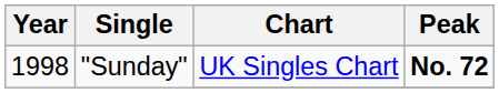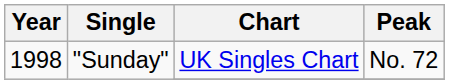 <table class="wikitable">
 <tr>
 <th>Year</th>
 <th>Single</th>
 <th>Chart</th>
 <th>Peak</th>
 </tr>
 <tr>
 <td rowspan=2>1998</td>
 <td rowspan=2>"Sunday"</td>
 <td><a href='#'>UK Singles Chart</a></td>
-<td><strong>No. 72</strong></td>
+<td>No. 72</td>
 </tr>
 <tr>
 </tr>
 </table>
